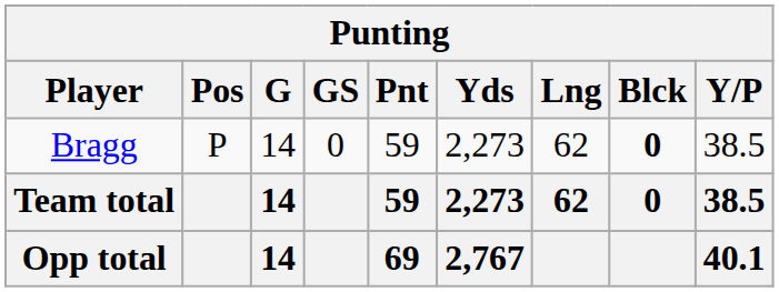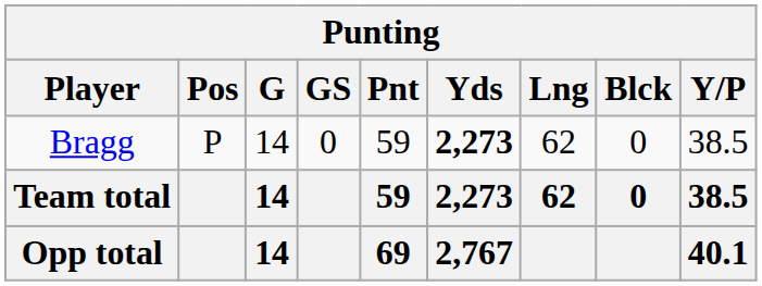 <table class="wikitable" style="text-align:center">
 <tr>
 <th colspan="9">Punting</th>
 </tr>
 <tr>
 <th>Player</th>
 <th>Pos</th>
 <th>G</th>
 <th>GS</th>
 <th>Pnt</th>
 <th>Yds</th>
 <th>Lng</th>
 <th>Blck</th>
 <th>Y/P</th>
 </tr>
 <tr>
 <td><a href='#'>Bragg</a></td>
 <td>P</td>
 <td>14</td>
 <td>0</td>
 <td>59</td>
-<td>2,273</td>
+<td><strong>2,273</strong></td>
 <td>62</td>
-<td><strong>0</strong></td>
+<td>0</td>
 <td>38.5</td>
 </tr>
 <tr>
 <th>Team total</th>
 <th></th>
 <th>14</th>
 <th></th>
 <th>59</th>
 <th>2,273</th>
 <th>62</th>
 <th>0</th>
 <th>38.5</th>
 </tr>
 <tr>
 <th>Opp total</th>
 <th></th>
 <th>14</th>
 <th></th>
 <th>69</th>
 <th>2,767</th>
 <th></th>
 <th></th>
 <th>40.1</th>
 </tr>
 </table>
